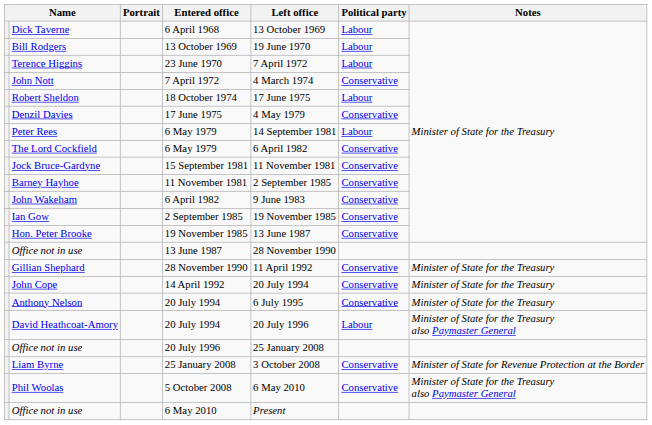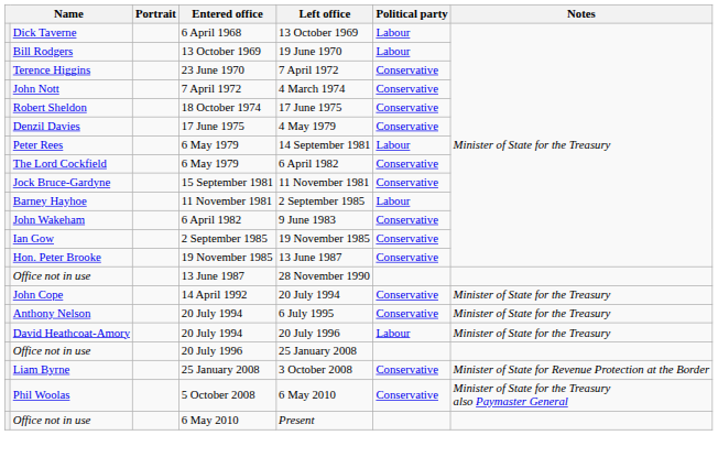 <table class="wikitable">
 <tr>
 <th colspan=2>Name</th>
 <th>Portrait</th>
 <th>Entered office</th>
 <th>Left office</th>
 <th>Political party</th>
 <th>Notes</th>
 </tr>
 <tr>
 <th style="background-color: "></th>
 <td><a href='#'>Dick Taverne</a></td>
 <td></td>
 <td>6 April 1968</td>
 <td>13 October 1969</td>
 <td><a href='#'>Labour</a></td>
 <td rowspan="13"><em>Minister of State for the Treasury</em></td>
 </tr>
 <tr>
 <th style="background-color: "></th>
 <td><a href='#'>Bill Rodgers</a></td>
 <td></td>
 <td>13 October 1969</td>
 <td>19 June 1970</td>
 <td><a href='#'>Labour</a></td>
 </tr>
 <tr>
 <th style="background-color: "></th>
 <td><a href='#'>Terence Higgins</a></td>
 <td></td>
 <td>23 June 1970</td>
 <td>7 April 1972</td>
-<td><a href='#'>Labour</a></td>
+<td><a href='#'>Conservative</a></td>
 </tr>
 <tr>
 <th style="background-color: "></th>
 <td><a href='#'>John Nott</a></td>
 <td></td>
 <td>7 April 1972</td>
 <td>4 March 1974</td>
 <td><a href='#'>Conservative</a></td>
 </tr>
 <tr>
 <th style="background-color: "></th>
 <td><a href='#'>Robert Sheldon</a></td>
 <td></td>
 <td>18 October 1974</td>
 <td>17 June 1975</td>
-<td><a href='#'>Labour</a></td>
+<td><a href='#'>Conservative</a></td>
 </tr>
 <tr>
 <th style="background-color: "></th>
 <td><a href='#'>Denzil Davies</a></td>
 <td></td>
 <td>17 June 1975</td>
 <td>4 May 1979</td>
 <td><a href='#'>Conservative</a></td>
 </tr>
 <tr>
 <th style="background-color: "></th>
 <td><a href='#'>Peter Rees</a></td>
 <td></td>
 <td>6 May 1979</td>
 <td>14 September 1981</td>
 <td><a href='#'>Labour</a></td>
 </tr>
 <tr>
 <th style="background-color: "></th>
 <td><a href='#'>The Lord Cockfield</a></td>
 <td></td>
 <td>6 May 1979</td>
 <td>6 April 1982</td>
 <td><a href='#'>Conservative</a></td>
 </tr>
 <tr>
 <th style="background-color: "></th>
 <td><a href='#'>Jock Bruce-Gardyne</a></td>
 <td></td>
 <td>15 September 1981</td>
 <td>11 November 1981</td>
 <td><a href='#'>Conservative</a></td>
 </tr>
 <tr>
 <th style="background-color: "></th>
 <td><a href='#'>Barney Hayhoe</a></td>
 <td></td>
 <td>11 November 1981</td>
 <td>2 September 1985</td>
-<td><a href='#'>Conservative</a></td>
+<td><a href='#'>Labour</a></td>
 </tr>
 <tr>
 <th style="background-color: "></th>
 <td><a href='#'>John Wakeham</a></td>
 <td></td>
 <td>6 April 1982</td>
 <td>9 June 1983</td>
 <td><a href='#'>Conservative</a></td>
 </tr>
 <tr>
 <th style="background-color: "></th>
 <td><a href='#'>Ian Gow</a></td>
 <td></td>
 <td>2 September 1985</td>
 <td>19 November 1985</td>
 <td><a href='#'>Conservative</a></td>
 </tr>
 <tr>
 <th style="background-color: "></th>
 <td><a href='#'>Hon. Peter Brooke</a></td>
 <td></td>
 <td>19 November 1985</td>
 <td>13 June 1987</td>
 <td><a href='#'>Conservative</a></td>
 </tr>
 <tr>
 <th></th>
 <td><em>Office not in use</em></td>
 <td></td>
 <td>13 June 1987</td>
 <td>28 November 1990</td>
 <td></td>
 <td></td>
 </tr>
 <tr>
 <th style="background-color: "></th>
-<td><a href='#'>Gillian Shephard</a></td>
-<td></td>
-<td>28 November 1990</td>
-<td>11 April 1992</td>
-<td><a href='#'>Conservative</a></td>
-<td><em>Minister of State for the Treasury</em></td>
-</tr>
-<tr>
-<th style="background-color: "></th>
 <td><a href='#'>John Cope</a></td>
 <td></td>
 <td>14 April 1992</td>
 <td>20 July 1994</td>
 <td><a href='#'>Conservative</a></td>
 <td><em>Minister of State for the Treasury</em></td>
 </tr>
 <tr>
 <th style="background-color: "></th>
 <td><a href='#'>Anthony Nelson</a></td>
 <td></td>
 <td>20 July 1994</td>
 <td>6 July 1995</td>
 <td><a href='#'>Conservative</a></td>
 <td><em>Minister of State for the Treasury</em></td>
 </tr>
 <tr>
 <th style="background-color: "></th>
 <td><a href='#'>David Heathcoat-Amory</a></td>
 <td></td>
 <td>20 July 1994</td>
 <td>20 July 1996</td>
 <td><a href='#'>Labour</a></td>
-<td><em>Minister of State for the Treasury<br>also <a href='#'>Paymaster General</a></em></td>
+<td><em>Minister of State for the Treasury</em></td>
 </tr>
 <tr>
 <th></th>
 <td><em>Office not in use</em></td>
 <td></td>
 <td>20 July 1996</td>
 <td>25 January 2008</td>
 <td></td>
 <td></td>
 </tr>
 <tr>
 <th style="background-color: "></th>
 <td><a href='#'>Liam Byrne</a></td>
 <td></td>
 <td>25 January 2008</td>
 <td>3 October 2008</td>
 <td><a href='#'>Conservative</a></td>
 <td><em>Minister of State for Revenue Protection at the Border</em></td>
 </tr>
 <tr>
 <th style="background-color: "></th>
 <td><a href='#'>Phil Woolas</a></td>
 <td></td>
 <td>5 October 2008</td>
 <td>6 May 2010</td>
 <td><a href='#'>Conservative</a></td>
 <td><em>Minister of State for the Treasury<br>also <a href='#'>Paymaster General</a></em></td>
 </tr>
 <tr>
 <th></th>
 <td><em>Office not in use</em></td>
 <td></td>
 <td>6 May 2010</td>
 <td><em>Present</em></td>
 <td></td>
 <td></td>
 </tr>
 </table>
